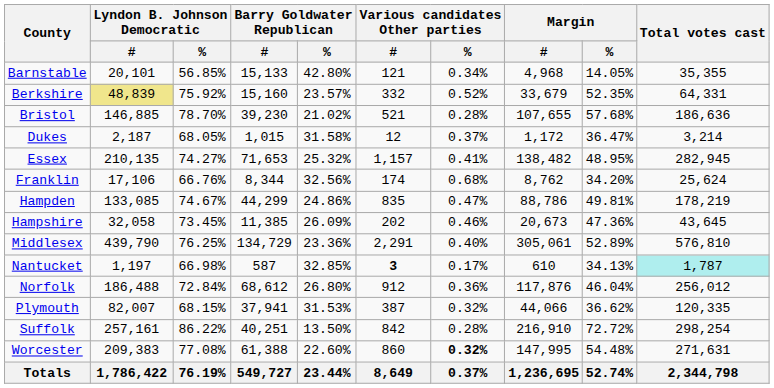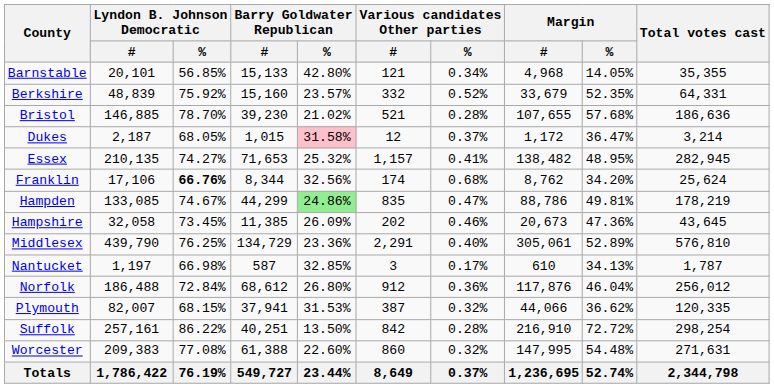 <table width="60%" class="wikitable sortable">
 <tr>
 <th rowspan="2">County</th>
 <th colspan="2">Lyndon B. Johnson<br>Democratic</th>
 <th colspan="2">Barry Goldwater<br>Republican</th>
 <th colspan="2">Various candidates<br>Other parties</th>
 <th colspan="2">Margin</th>
 <th rowspan="2">Total votes cast</th>
 </tr>
 <tr bgcolor="lightgrey">
 <th style="text-align:center;" data-sort-type="number">#</th>
 <th style="text-align:center;" data-sort-type="number">%</th>
 <th style="text-align:center;" data-sort-type="number">#</th>
 <th style="text-align:center;" data-sort-type="number">%</th>
 <th style="text-align:center;" data-sort-type="number">#</th>
 <th style="text-align:center;" data-sort-type="number">%</th>
 <th style="text-align:center;" data-sort-type="number">#</th>
 <th style="text-align:center;" data-sort-type="number">%</th>
 </tr>
 <tr style="text-align:center;">
 <td><a href='#'>Barnstable</a></td>
 <td>20,101</td>
 <td>56.85%</td>
 <td>15,133</td>
 <td>42.80%</td>
 <td>121</td>
 <td>0.34%</td>
 <td>4,968</td>
 <td>14.05%</td>
 <td>35,355</td>
 </tr>
 <tr style="text-align:center;">
 <td><a href='#'>Berkshire</a></td>
-<td style="background: khaki;">48,839</td>
+<td>48,839</td>
 <td>75.92%</td>
 <td>15,160</td>
 <td>23.57%</td>
 <td>332</td>
 <td>0.52%</td>
 <td>33,679</td>
 <td>52.35%</td>
 <td>64,331</td>
 </tr>
 <tr style="text-align:center;">
 <td><a href='#'>Bristol</a></td>
 <td>146,885</td>
 <td>78.70%</td>
 <td>39,230</td>
 <td>21.02%</td>
 <td>521</td>
 <td>0.28%</td>
 <td>107,655</td>
 <td>57.68%</td>
 <td>186,636</td>
 </tr>
 <tr style="text-align:center;">
 <td><a href='#'>Dukes</a></td>
 <td>2,187</td>
 <td>68.05%</td>
 <td>1,015</td>
-<td>31.58%</td>
+<td style="background: pink;">31.58%</td>
 <td>12</td>
 <td>0.37%</td>
 <td>1,172</td>
 <td>36.47%</td>
 <td>3,214</td>
 </tr>
 <tr style="text-align:center;">
 <td><a href='#'>Essex</a></td>
 <td>210,135</td>
 <td>74.27%</td>
 <td>71,653</td>
 <td>25.32%</td>
 <td>1,157</td>
 <td>0.41%</td>
 <td>138,482</td>
 <td>48.95%</td>
 <td>282,945</td>
 </tr>
 <tr style="text-align:center;">
 <td><a href='#'>Franklin</a></td>
 <td>17,106</td>
-<td>66.76%</td>
+<td><strong>66.76%</strong></td>
 <td>8,344</td>
 <td>32.56%</td>
 <td>174</td>
 <td>0.68%</td>
 <td>8,762</td>
 <td>34.20%</td>
 <td>25,624</td>
 </tr>
 <tr style="text-align:center;">
 <td><a href='#'>Hampden</a></td>
 <td>133,085</td>
 <td>74.67%</td>
 <td>44,299</td>
-<td>24.86%</td>
+<td style="background: lightgreen;">24.86%</td>
 <td>835</td>
 <td>0.47%</td>
 <td>88,786</td>
 <td>49.81%</td>
 <td>178,219</td>
 </tr>
 <tr style="text-align:center;">
 <td><a href='#'>Hampshire</a></td>
 <td>32,058</td>
 <td>73.45%</td>
 <td>11,385</td>
 <td>26.09%</td>
 <td>202</td>
 <td>0.46%</td>
 <td>20,673</td>
 <td>47.36%</td>
 <td>43,645</td>
 </tr>
 <tr style="text-align:center;">
 <td><a href='#'>Middlesex</a></td>
 <td>439,790</td>
 <td>76.25%</td>
 <td>134,729</td>
 <td>23.36%</td>
 <td>2,291</td>
 <td>0.40%</td>
 <td>305,061</td>
 <td>52.89%</td>
 <td>576,810</td>
 </tr>
 <tr style="text-align:center;">
 <td><a href='#'>Nantucket</a></td>
 <td>1,197</td>
 <td>66.98%</td>
 <td>587</td>
 <td>32.85%</td>
-<td><strong>3</strong></td>
+<td>3</td>
 <td>0.17%</td>
 <td>610</td>
 <td>34.13%</td>
-<td style="background: paleturquoise;">1,787</td>
+<td>1,787</td>
 </tr>
 <tr style="text-align:center;">
 <td><a href='#'>Norfolk</a></td>
 <td>186,488</td>
 <td>72.84%</td>
 <td>68,612</td>
 <td>26.80%</td>
 <td>912</td>
 <td>0.36%</td>
 <td>117,876</td>
 <td>46.04%</td>
 <td>256,012</td>
 </tr>
 <tr style="text-align:center;">
 <td><a href='#'>Plymouth</a></td>
 <td>82,007</td>
 <td>68.15%</td>
 <td>37,941</td>
 <td>31.53%</td>
 <td>387</td>
 <td>0.32%</td>
 <td>44,066</td>
 <td>36.62%</td>
 <td>120,335</td>
 </tr>
 <tr style="text-align:center;">
 <td><a href='#'>Suffolk</a></td>
 <td>257,161</td>
 <td>86.22%</td>
 <td>40,251</td>
 <td>13.50%</td>
 <td>842</td>
 <td>0.28%</td>
 <td>216,910</td>
 <td>72.72%</td>
 <td>298,254</td>
 </tr>
 <tr style="text-align:center;">
 <td><a href='#'>Worcester</a></td>
 <td>209,383</td>
 <td>77.08%</td>
 <td>61,388</td>
 <td>22.60%</td>
 <td>860</td>
-<td><strong>0.32%</strong></td>
+<td>0.32%</td>
 <td>147,995</td>
 <td>54.48%</td>
 <td>271,631</td>
 </tr>
 <tr>
 <th>Totals</th>
 <th>1,786,422</th>
 <th>76.19%</th>
 <th>549,727</th>
 <th>23.44%</th>
 <th>8,649</th>
 <th>0.37%</th>
 <th>1,236,695</th>
 <th>52.74%</th>
 <th>2,344,798</th>
 </tr>
 </table>
